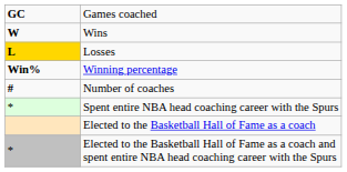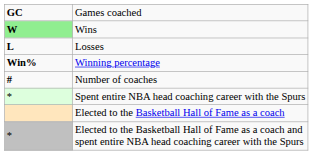 <table class="wikitable">
 <tr>
 <td><strong>GC</strong></td>
 <td>Games coached</td>
 </tr>
 <tr>
-<td><strong>W</strong></td>
+<td style="background: lightgreen;"><strong>W</strong></td>
 <td>Wins</td>
 </tr>
 <tr>
-<td style="background: gold;"><strong>L</strong></td>
+<td><strong>L</strong></td>
 <td>Losses</td>
 </tr>
 <tr>
 <td><strong>Win%</strong></td>
 <td><a href='#'>Winning percentage</a></td>
 </tr>
 <tr>
 <td><strong>#</strong></td>
 <td>Number of coaches</td>
 </tr>
 <tr>
 <td style="background-color:#ddffdd; width:6em">*</td>
 <td>Spent entire NBA head coaching career with the Spurs</td>
 </tr>
 <tr>
 <td style="background-color:#FFE6BD; width:6em"></td>
 <td>Elected to the <a href='#'>Basketball Hall of Fame as a coach</a></td>
 </tr>
 <tr>
 <td style="background-color:silver">*</td>
 <td>Elected to the Basketball Hall of Fame as a coach and<br>spent entire NBA head coaching career with the Spurs</td>
 </tr>
 </table>
